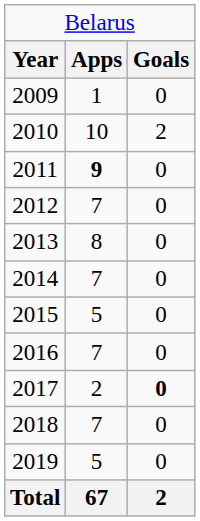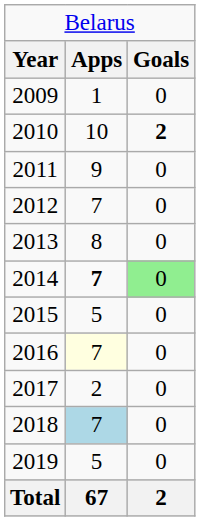 <table class="wikitable" style="text-align:center">
 <tr>
 <td colspan=3><a href='#'>Belarus</a></td>
 </tr>
 <tr>
 <th>Year</th>
 <th>Apps</th>
 <th>Goals</th>
 </tr>
 <tr>
 <td>2009</td>
 <td>1</td>
 <td>0</td>
 </tr>
 <tr>
 <td>2010</td>
 <td>10</td>
-<td>2</td>
+<td><strong>2</strong></td>
 </tr>
 <tr>
 <td>2011</td>
-<td><strong>9</strong></td>
+<td>9</td>
 <td>0</td>
 </tr>
 <tr>
 <td>2012</td>
 <td>7</td>
 <td>0</td>
 </tr>
 <tr>
 <td>2013</td>
 <td>8</td>
 <td>0</td>
 </tr>
 <tr>
 <td>2014</td>
-<td>7</td>
-<td>0</td>
+<td><strong>7</strong></td>
+<td style="background: lightgreen;">0</td>
 </tr>
 <tr>
 <td>2015</td>
 <td>5</td>
 <td>0</td>
 </tr>
 <tr>
 <td>2016</td>
-<td>7</td>
+<td style="background: lightyellow;">7</td>
 <td>0</td>
 </tr>
 <tr>
 <td>2017</td>
 <td>2</td>
-<td><strong>0</strong></td>
+<td>0</td>
 </tr>
 <tr>
 <td>2018</td>
-<td>7</td>
+<td style="background: lightblue;">7</td>
 <td>0</td>
 </tr>
 <tr>
 <td>2019</td>
 <td>5</td>
 <td>0</td>
 </tr>
 <tr>
 <th>Total</th>
 <th>67</th>
 <th>2</th>
 </tr>
 </table>
